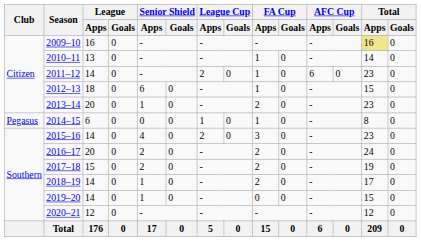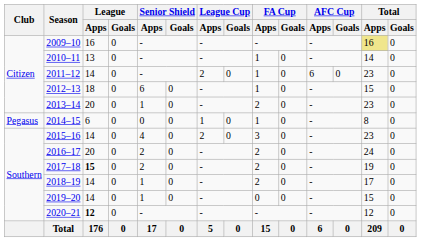 <table class="wikitable">
 <tr>
 <th rowspan="2">Club</th>
 <th rowspan="2">Season</th>
 <th colspan="2">League</th>
 <th colspan="2"><a href='#'>Senior Shield</a></th>
 <th colspan="2"><a href='#'>League Cup</a></th>
 <th colspan="2"><a href='#'>FA Cup</a></th>
 <th colspan="2"><a href='#'>AFC Cup</a></th>
 <th colspan="2">Total</th>
 </tr>
 <tr>
 <th>Apps</th>
 <th>Goals</th>
 <th>Apps</th>
 <th>Goals</th>
 <th>Apps</th>
 <th>Goals</th>
 <th>Apps</th>
 <th>Goals</th>
 <th>Apps</th>
 <th>Goals</th>
 <th>Apps</th>
 <th>Goals</th>
 </tr>
 <tr>
 <td rowspan="5"><a href='#'>Citizen</a></td>
 <td><a href='#'>2009–10</a></td>
 <td>16</td>
 <td>0</td>
 <td colspan="2">-</td>
 <td colspan="2">-</td>
 <td colspan="2">-</td>
 <td colspan="2">-</td>
 <td style="background: khaki;">16</td>
 <td>0</td>
 </tr>
 <tr>
 <td><a href='#'>2010–11</a></td>
 <td>13</td>
 <td>0</td>
 <td colspan="2">-</td>
 <td colspan="2">-</td>
 <td>1</td>
 <td>0</td>
 <td colspan="2">-</td>
 <td>14</td>
 <td>0</td>
 </tr>
 <tr>
 <td><a href='#'>2011–12</a></td>
 <td>14</td>
 <td>0</td>
 <td colspan="2">-</td>
 <td>2</td>
 <td>0</td>
 <td>1</td>
 <td>0</td>
 <td>6</td>
 <td>0</td>
 <td>23</td>
 <td>0</td>
 </tr>
 <tr>
 <td><a href='#'>2012–13</a></td>
 <td>18</td>
 <td>0</td>
 <td>6</td>
 <td>0</td>
 <td colspan="2">-</td>
 <td>1</td>
 <td>0</td>
 <td colspan="2">-</td>
 <td>15</td>
 <td>0</td>
 </tr>
 <tr>
 <td><a href='#'>2013–14</a></td>
 <td>20</td>
 <td>0</td>
 <td>1</td>
 <td>0</td>
 <td colspan="2">-</td>
 <td>2</td>
 <td>0</td>
 <td colspan="2">-</td>
 <td>23</td>
 <td>0</td>
 </tr>
 <tr>
 <td><a href='#'>Pegasus</a></td>
 <td><a href='#'>2014–15</a></td>
 <td>6</td>
 <td>0</td>
 <td>0</td>
 <td>0</td>
 <td>1</td>
 <td>0</td>
 <td>1</td>
 <td>0</td>
 <td colspan="2">-</td>
 <td>8</td>
 <td>0</td>
 </tr>
 <tr>
 <td rowspan="6"><a href='#'>Southern</a></td>
 <td><a href='#'>2015–16</a></td>
 <td>14</td>
 <td>0</td>
 <td>4</td>
 <td>0</td>
 <td>2</td>
 <td>0</td>
 <td>3</td>
 <td>0</td>
 <td colspan="2">-</td>
 <td>23</td>
 <td>0</td>
 </tr>
 <tr>
 <td><a href='#'>2016–17</a></td>
 <td>20</td>
 <td>0</td>
 <td>2</td>
 <td>0</td>
 <td colspan="2">-</td>
 <td>2</td>
 <td>0</td>
 <td colspan="2">-</td>
 <td>24</td>
 <td>0</td>
 </tr>
 <tr>
 <td><a href='#'>2017–18</a></td>
-<td>15</td>
+<td><strong>15</strong></td>
 <td>0</td>
 <td>2</td>
 <td>0</td>
 <td colspan="2">-</td>
 <td>2</td>
 <td>0</td>
 <td colspan="2">-</td>
 <td>19</td>
 <td>0</td>
 </tr>
 <tr>
 <td><a href='#'>2018–19</a></td>
 <td>14</td>
 <td>0</td>
 <td>1</td>
 <td>0</td>
 <td colspan="2">-</td>
 <td>2</td>
 <td>0</td>
 <td colspan="2">-</td>
 <td>17</td>
 <td>0</td>
 </tr>
 <tr>
 <td><a href='#'>2019–20</a></td>
 <td>14</td>
 <td>0</td>
 <td>1</td>
 <td>0</td>
 <td colspan="2">-</td>
 <td>0</td>
 <td>0</td>
 <td colspan="2">-</td>
 <td>15</td>
 <td>0</td>
 </tr>
 <tr>
 <td><a href='#'>2020–21</a></td>
-<td>12</td>
+<td><strong>12</strong></td>
 <td>0</td>
 <td colspan="2">-</td>
 <td colspan="2">-</td>
 <td colspan="2">-</td>
 <td colspan="2">-</td>
 <td>12</td>
 <td>0</td>
 </tr>
 <tr>
 <th></th>
 <th>Total</th>
 <th>176</th>
 <th>0</th>
 <th>17</th>
 <th>0</th>
 <th>5</th>
 <th>0</th>
 <th>15</th>
 <th>0</th>
 <th>6</th>
 <th>0</th>
 <th>209</th>
 <th>0</th>
 </tr>
 </table>
